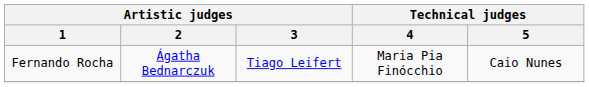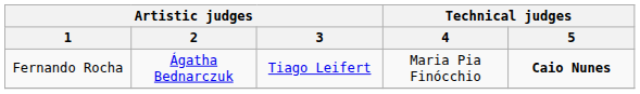 <table class="wikitable" style="font-size:100%; line-height:16px; text-align:center" width="100%">
 <tr>
 <th colspan=3>Artistic judges</th>
 <th colspan=2>Technical judges</th>
 </tr>
 <tr>
 <th style="width:20.0%;">1</th>
 <th style="width:20.0%;">2</th>
 <th style="width:20.0%;">3</th>
 <th style="width:20.0%;">4</th>
 <th style="width:20.0%;">5</th>
 </tr>
 <tr>
 <td>Fernando Rocha</td>
 <td><a href='#'>Ágatha Bednarczuk</a></td>
 <td><a href='#'>Tiago Leifert</a></td>
 <td>Maria Pia Finócchio</td>
-<td>Caio Nunes</td>
+<td><strong>Caio Nunes</strong></td>
 </tr>
 <tr>
 </tr>
 </table>
